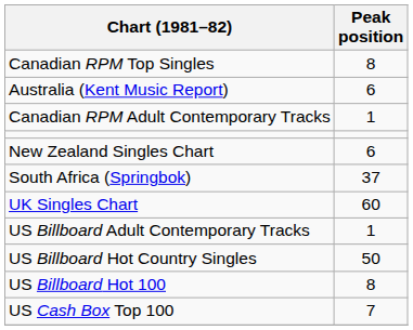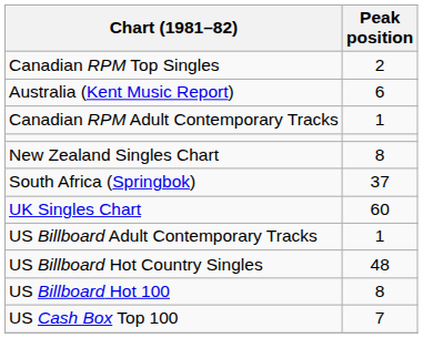 <table class="wikitable sortable">
 <tr>
 <th>Chart (1981–82)</th>
 <th>Peak<br>position</th>
 </tr>
 <tr>
 <td>Canadian <em>RPM</em> Top Singles</td>
-<td style="text-align:center;">8</td>
+<td style="text-align:center;">2</td>
 </tr>
 <tr>
 <td>Australia (<a href='#'>Kent Music Report</a>)</td>
 <td align="center">6</td>
 </tr>
 <tr>
 <td>Canadian <em>RPM</em> Adult Contemporary Tracks</td>
 <td align="center">1</td>
 </tr>
 <tr>
 <td></td>
 </tr>
 <tr>
 <td>New Zealand Singles Chart</td>
-<td align="center">6</td>
+<td align="center">8</td>
 </tr>
 <tr>
 <td>South Africa (<a href='#'>Springbok</a>)</td>
 <td align="center">37</td>
 </tr>
 <tr>
 <td><a href='#'>UK Singles Chart</a></td>
 <td align="center">60</td>
 </tr>
 <tr>
 <td>US <em>Billboard</em> Adult Contemporary Tracks</td>
 <td align="center">1</td>
 </tr>
 <tr>
 <td>US <em>Billboard</em> Hot Country Singles</td>
-<td align="center">50</td>
+<td align="center">48</td>
 </tr>
 <tr>
 <td>US <a href='#'><em>Billboard</em> Hot 100</a></td>
 <td align="center">8</td>
 </tr>
 <tr>
 <td>US <a href='#'><em>Cash Box</em></a> Top 100</td>
 <td align="center">7</td>
 </tr>
 <tr>
 </tr>
 </table>
